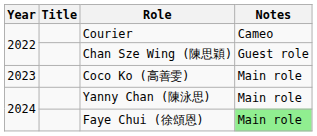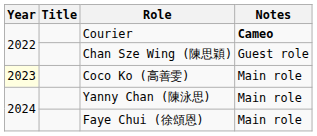 <table class="wikitable">
 <tr>
 <th>Year</th>
 <th>Title</th>
 <th>Role</th>
 <th>Notes</th>
 </tr>
 <tr>
 <td rowspan="2">2022</td>
 <td><em></em></td>
 <td>Courier</td>
-<td>Cameo</td>
+<td><strong>Cameo</strong></td>
 </tr>
 <tr>
 <td><em></em></td>
 <td>Chan Sze Wing (陳思穎)</td>
 <td>Guest role</td>
 </tr>
 <tr>
-<td>2023</td>
+<td style="background: lightyellow;">2023</td>
 <td><em></em></td>
 <td>Coco Ko (高善雯)</td>
 <td>Main role</td>
 </tr>
 <tr>
 <td rowspan="2">2024</td>
 <td><em></em></td>
 <td>Yanny Chan (陳泳思)</td>
 <td>Main role</td>
 </tr>
 <tr>
 <td><em></em></td>
 <td>Faye Chui (徐頌恩)</td>
-<td style="background: lightgreen;">Main role</td>
+<td>Main role</td>
 </tr>
 </table>
